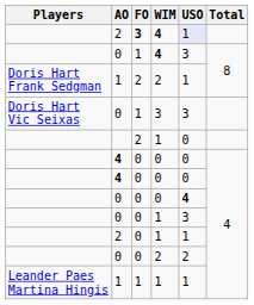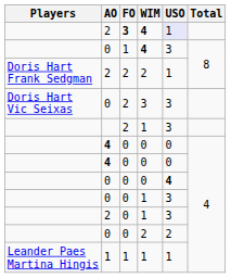 <table class="wikitable sortable mw-datatable">
 <tr>
 <th scope="col">Players</th>
 <th scope="col">AO</th>
 <th scope="col">FO</th>
 <th scope="col">WIM</th>
 <th scope="col">USO</th>
 <th scope="col">Total</th>
 </tr>
 <tr>
 <td></td>
 <td>2</td>
 <td><strong>3</strong></td>
 <td><strong>4</strong></td>
 <td style="background: lavender;">1</td>
 <td></td>
 </tr>
 <tr>
 <td></td>
 <td>0</td>
 <td>1</td>
 <td><strong>4</strong></td>
 <td>3</td>
 <td rowspan=2 style="text-align:center;">8</td>
 </tr>
 <tr>
 <td> <a href='#'>Doris Hart</a> <br> <a href='#'>Frank Sedgman</a></td>
-<td>1</td>
+<td>2</td>
 <td>2</td>
 <td>2</td>
 <td>1</td>
 </tr>
 <tr>
 <td> <a href='#'>Doris Hart</a> <br> <a href='#'>Vic Seixas</a></td>
 <td>0</td>
-<td>1</td>
+<td>2</td>
 <td>3</td>
 <td>3</td>
 <td></td>
 </tr>
 <tr>
 <td></td>
 <td></td>
 <td>2</td>
 <td>1</td>
-<td>0</td>
+<td>3</td>
 <td></td>
 </tr>
 <tr>
 <td></td>
 <td><strong>4</strong></td>
 <td>0</td>
 <td>0</td>
 <td>0</td>
 <td rowspan=7 style="text-align:center;">4</td>
 </tr>
 <tr>
 <td></td>
 <td><strong>4</strong></td>
 <td>0</td>
 <td>0</td>
 <td>0</td>
 </tr>
 <tr>
 <td></td>
 <td>0</td>
 <td>0</td>
 <td>0</td>
 <td><strong>4</strong></td>
 </tr>
 <tr>
 <td></td>
 <td>0</td>
 <td>0</td>
 <td>1</td>
 <td>3</td>
 </tr>
 <tr>
 <td></td>
 <td>2</td>
 <td>0</td>
 <td>1</td>
-<td>1</td>
+<td>3</td>
 </tr>
 <tr>
 <td></td>
 <td>0</td>
 <td>0</td>
 <td>2</td>
 <td>2</td>
 </tr>
 <tr>
 <td> <a href='#'>Leander Paes</a><br>  <a href='#'>Martina Hingis</a></td>
 <td>1</td>
 <td>1</td>
 <td>1</td>
 <td>1</td>
 </tr>
 </table>
